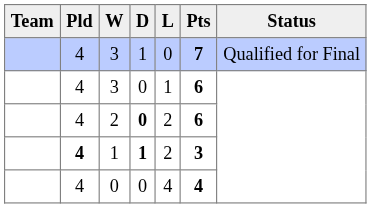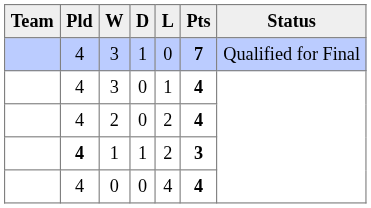 <table style=border-collapse:collapse border=1 cellspacing=0 cellpadding=5>
 <tr align=center bgcolor=#efefef>
 <th>Team</th>
 <th>Pld</th>
 <th>W</th>
 <th>D</th>
 <th>L</th>
 <th>Pts</th>
 <th>Status</th>
 </tr>
 <tr align=center style="background:#bbccff;">
 <td style="text-align:left;"> </td>
 <td>4</td>
 <td>3</td>
 <td>1</td>
 <td>0</td>
 <td><strong>7</strong></td>
 <td rowspan=1>Qualified for Final</td>
 </tr>
 <tr align=center style="background:#FFFFFF;">
 <td style="text-align:left;"> </td>
 <td>4</td>
 <td>3</td>
 <td>0</td>
 <td>1</td>
-<td><strong>6</strong></td>
+<td><strong>4</strong></td>
 <td rowspan=4></td>
 </tr>
 <tr align=center style="background:#FFFFFF;">
 <td style="text-align:left;"> </td>
 <td>4</td>
 <td>2</td>
-<td><strong>0</strong></td>
+<td>0</td>
 <td>2</td>
-<td><strong>6</strong></td>
+<td><strong>4</strong></td>
 </tr>
 <tr align=center style="background:#FFFFFF;">
 <td style="text-align:left;"> </td>
 <td><strong>4</strong></td>
 <td>1</td>
-<td><strong>1</strong></td>
+<td>1</td>
 <td>2</td>
 <td><strong>3</strong></td>
 </tr>
 <tr align=center style="background:#FFFFFF;">
 <td style="text-align:left;"> </td>
 <td>4</td>
 <td>0</td>
 <td>0</td>
 <td>4</td>
 <td><strong>4</strong></td>
 </tr>
 </table>
